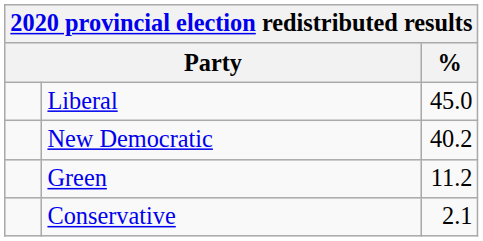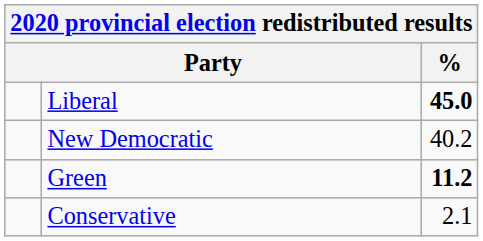 <table class="wikitable">
 <tr>
 <th colspan="4"><a href='#'>2020 provincial election</a> redistributed results</th>
 </tr>
 <tr>
 <th bgcolor="#DDDDFF" width="130px" colspan="2">Party</th>
 <th bgcolor="#DDDDFF" width="30px">%</th>
 </tr>
 <tr>
 <td> </td>
 <td><a href='#'>Liberal</a></td>
-<td align=right>45.0</td>
+<td align=right><strong>45.0</strong></td>
 </tr>
 <tr>
 <td> </td>
 <td><a href='#'>New Democratic</a></td>
 <td align=right>40.2</td>
 </tr>
 <tr>
 <td> </td>
 <td><a href='#'>Green</a></td>
-<td align=right>11.2</td>
+<td align=right><strong>11.2</strong></td>
 </tr>
 <tr>
 <td> </td>
 <td><a href='#'>Conservative</a></td>
 <td align=right>2.1</td>
 </tr>
 </table>
